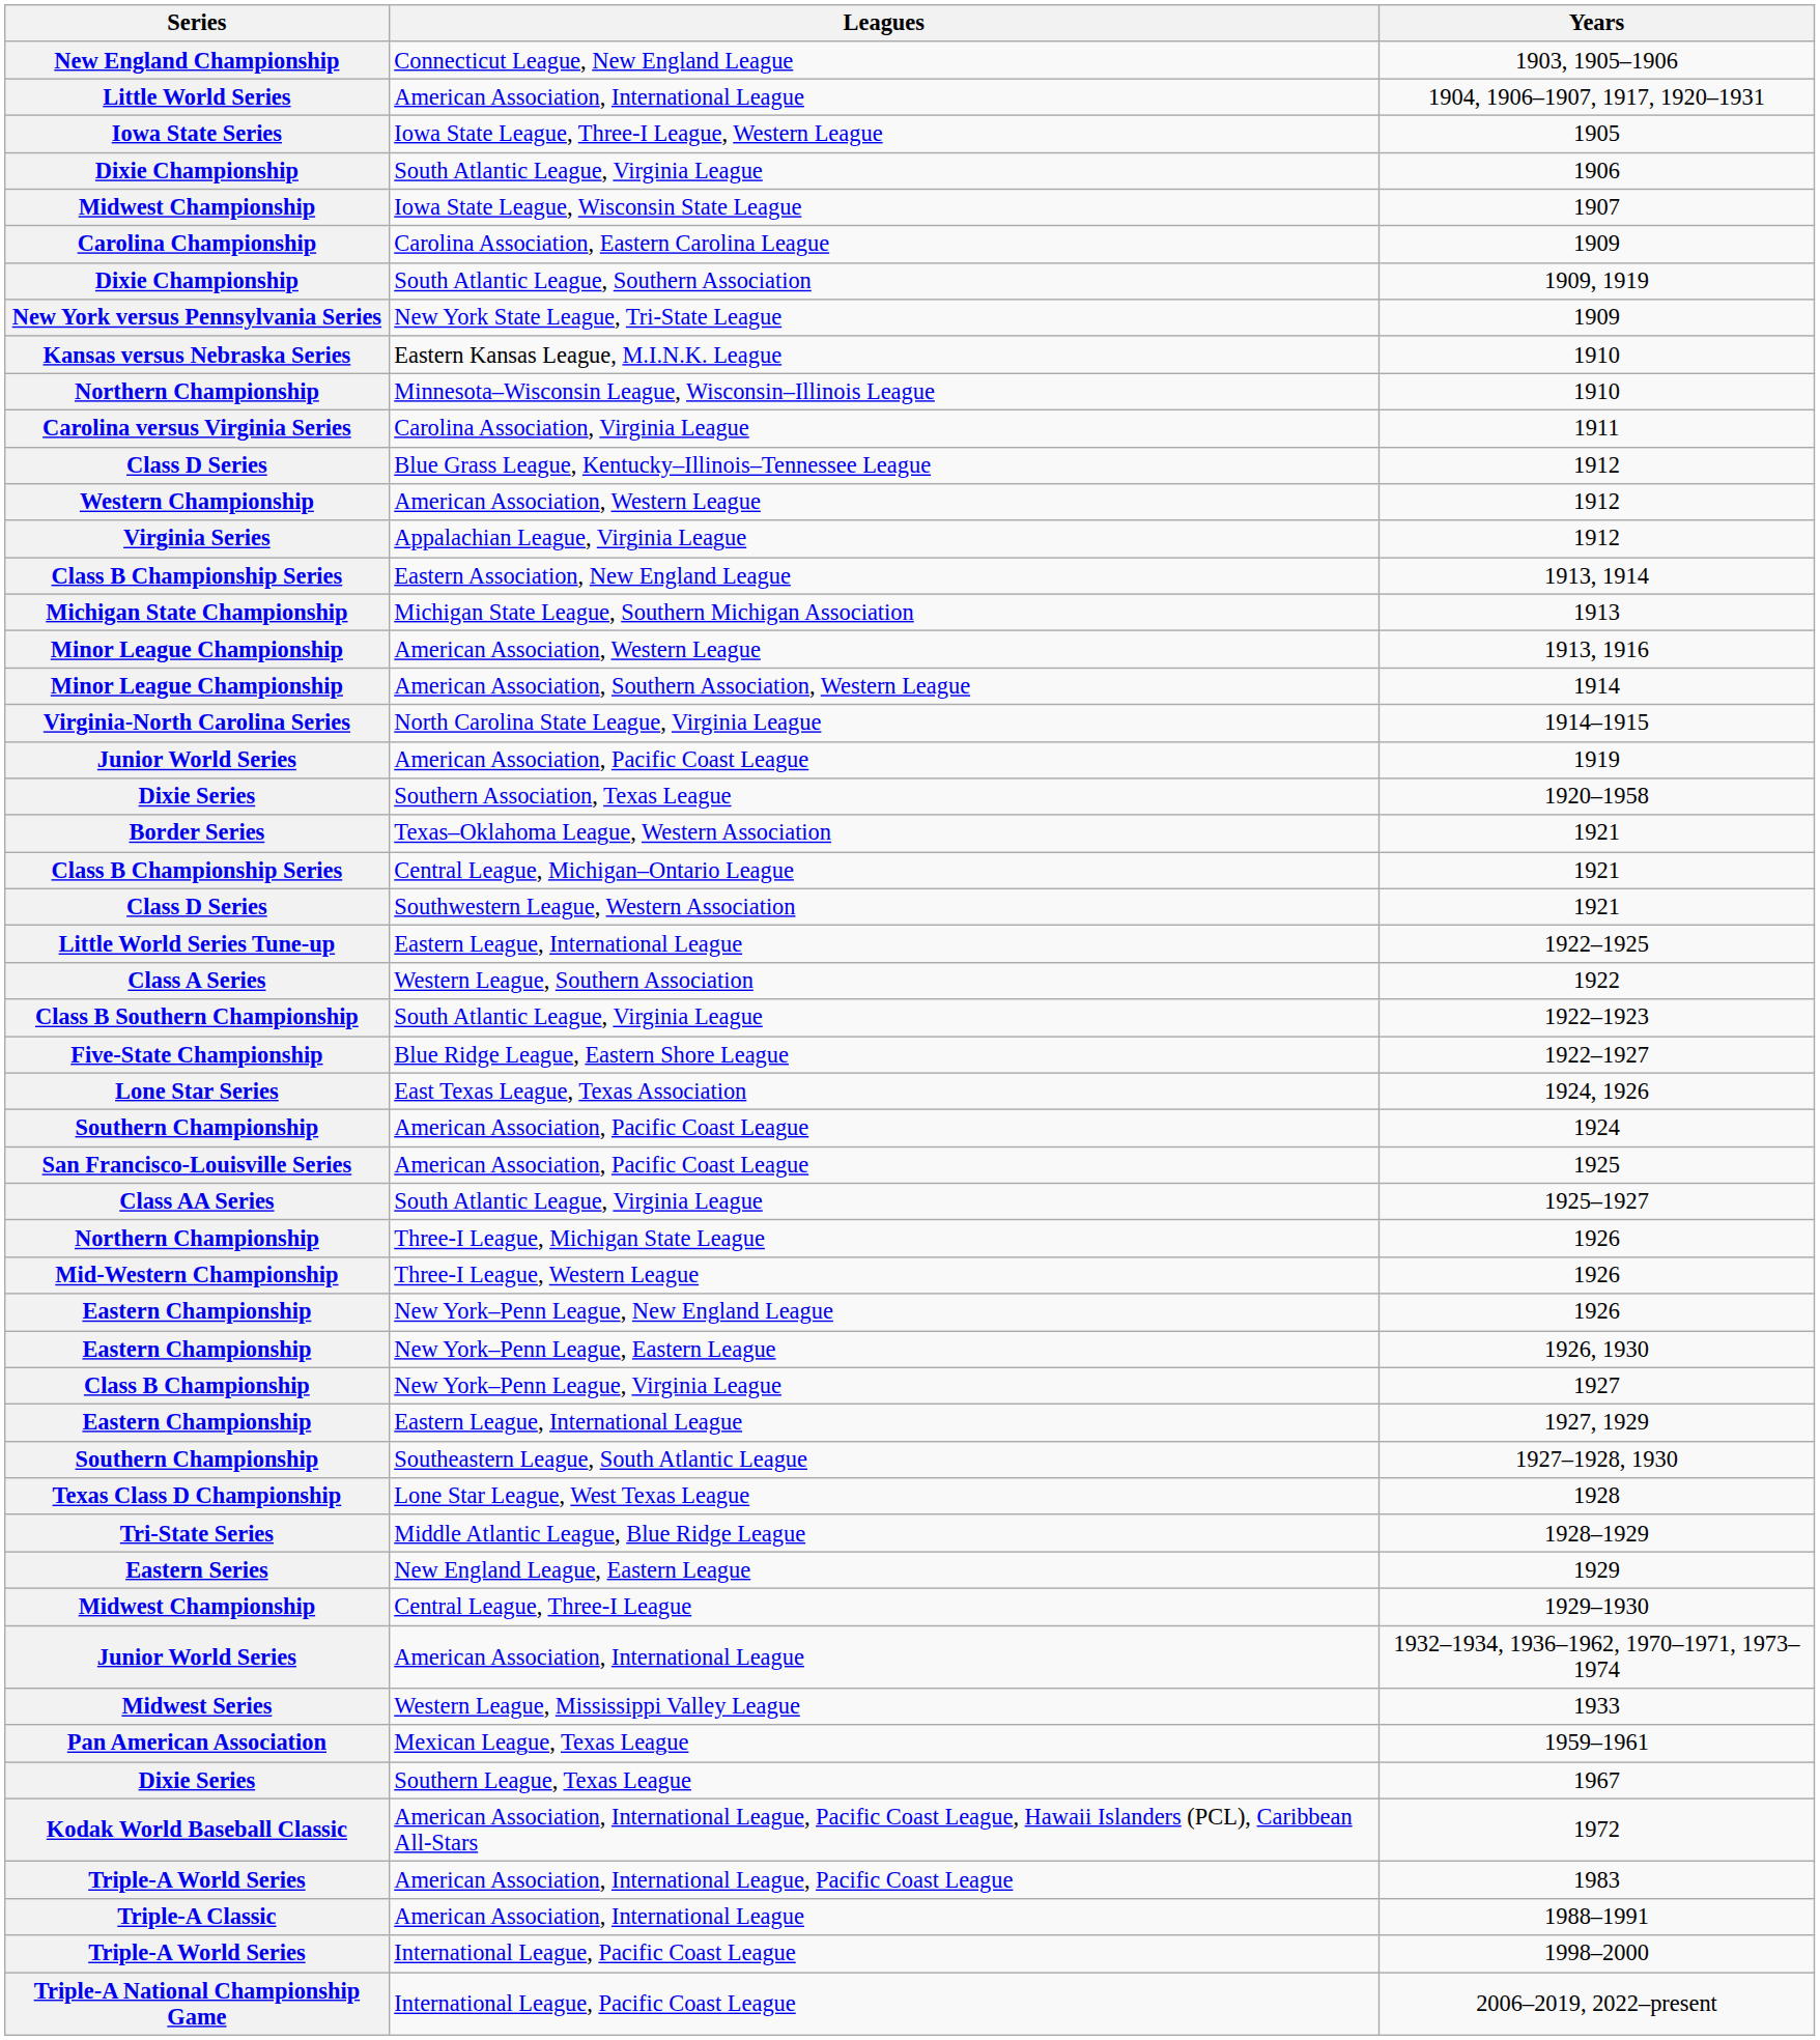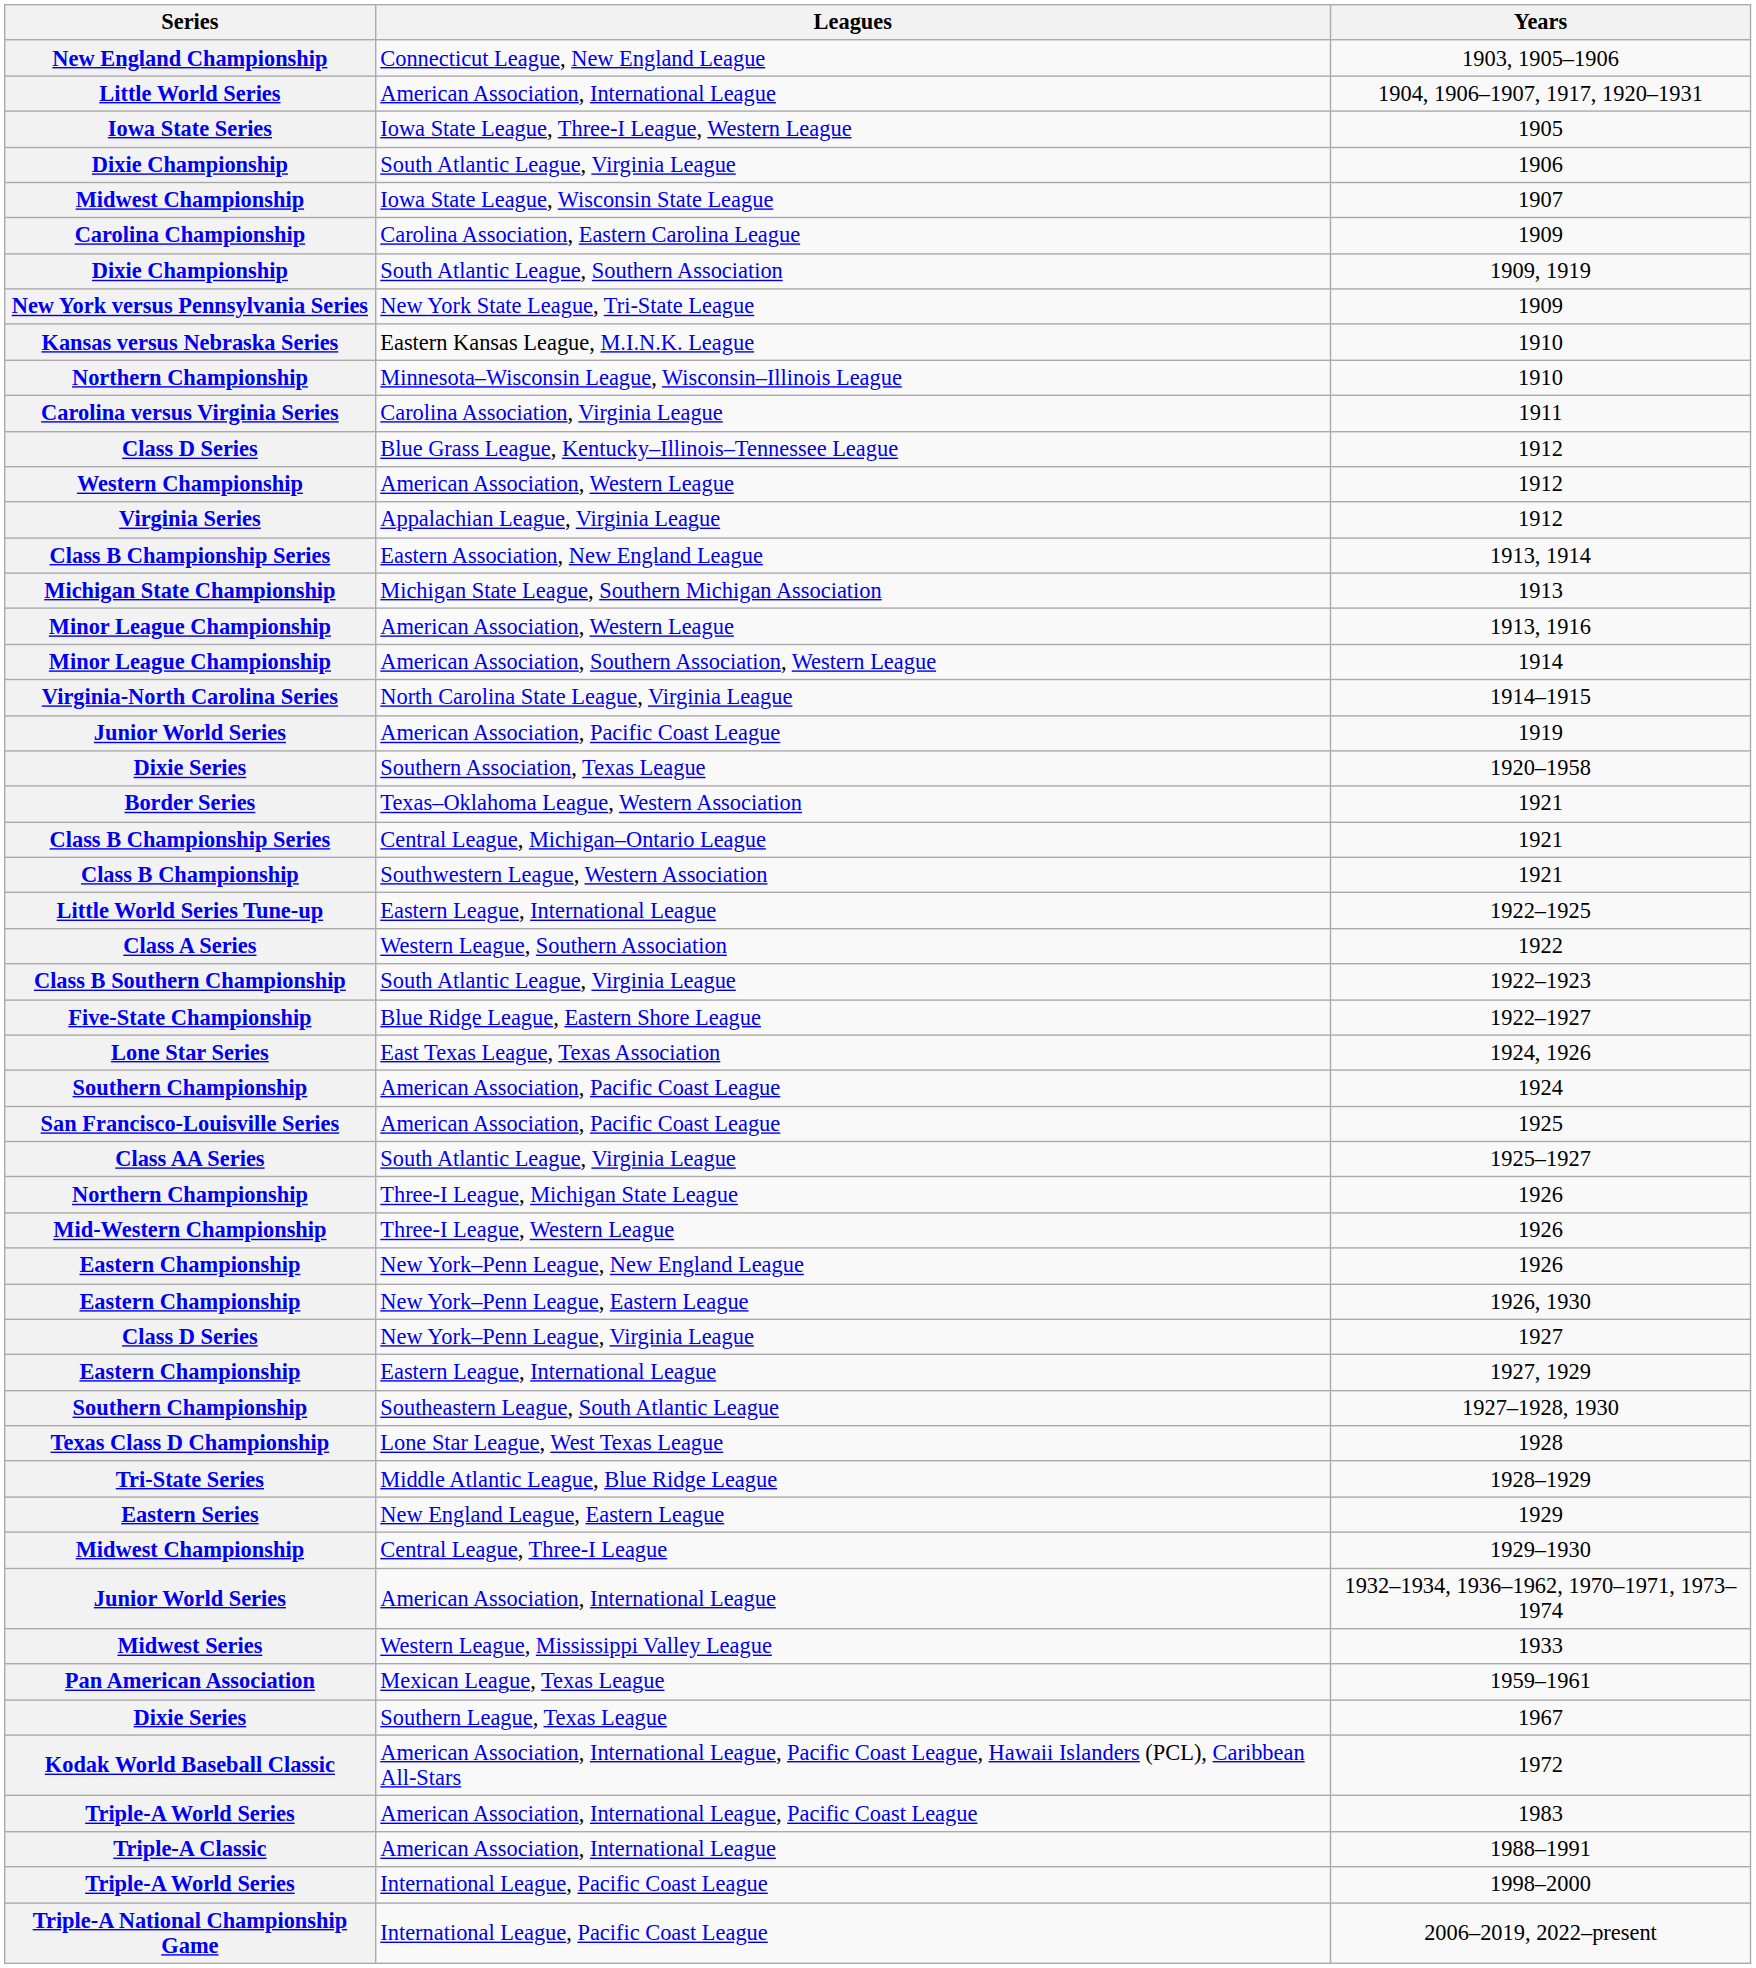 <table class="wikitable sortable plainrowheaders" style="text-align:left">
 <tr>
 <th scope="col">Series</th>
 <th scope="col">Leagues</th>
 <th scope="col">Years</th>
 </tr>
 <tr>
 <th scope="row"><a href='#'>New England Championship</a></th>
 <td><a href='#'>Connecticut League</a>, <a href='#'>New England League</a></td>
 <td style="text-align:center">1903, 1905–1906</td>
 </tr>
 <tr>
 <th scope="row"><a href='#'>Little World Series</a></th>
 <td><a href='#'>American Association</a>, <a href='#'>International League</a></td>
 <td style="text-align:center">1904, 1906–1907, 1917, 1920–1931</td>
 </tr>
 <tr>
 <th scope="row"><a href='#'>Iowa State Series</a></th>
 <td><a href='#'>Iowa State League</a>, <a href='#'>Three-I League</a>, <a href='#'>Western League</a></td>
 <td style="text-align:center">1905</td>
 </tr>
 <tr>
 <th scope="row"><a href='#'>Dixie Championship</a></th>
 <td><a href='#'>South Atlantic League</a>, <a href='#'>Virginia League</a></td>
 <td style="text-align:center">1906</td>
 </tr>
 <tr>
 <th scope="row"><a href='#'>Midwest Championship</a></th>
 <td><a href='#'>Iowa State League</a>, <a href='#'>Wisconsin State League</a></td>
 <td style="text-align:center">1907</td>
 </tr>
 <tr>
 <th scope="row"><a href='#'>Carolina Championship</a></th>
 <td><a href='#'>Carolina Association</a>, <a href='#'>Eastern Carolina League</a></td>
 <td style="text-align:center">1909</td>
 </tr>
 <tr>
 <th scope="row"><a href='#'>Dixie Championship</a></th>
 <td><a href='#'>South Atlantic League</a>, <a href='#'>Southern Association</a></td>
 <td style="text-align:center">1909, 1919</td>
 </tr>
 <tr>
 <th scope="row"><a href='#'>New York versus Pennsylvania Series</a></th>
 <td><a href='#'>New York State League</a>, <a href='#'>Tri-State League</a></td>
 <td style="text-align:center">1909</td>
 </tr>
 <tr>
 <th scope="row"><a href='#'>Kansas versus Nebraska Series</a></th>
 <td>Eastern Kansas League, <a href='#'>M.I.N.K. League</a></td>
 <td style="text-align:center">1910</td>
 </tr>
 <tr>
 <th scope="row"><a href='#'>Northern Championship</a></th>
 <td><a href='#'>Minnesota–Wisconsin League</a>, <a href='#'>Wisconsin–Illinois League</a></td>
 <td style="text-align:center">1910</td>
 </tr>
 <tr>
 <th scope="row"><a href='#'>Carolina versus Virginia Series</a></th>
 <td><a href='#'>Carolina Association</a>, <a href='#'>Virginia League</a></td>
 <td style="text-align:center">1911</td>
 </tr>
 <tr>
 <th scope="row"><a href='#'>Class D Series</a></th>
 <td><a href='#'>Blue Grass League</a>, <a href='#'>Kentucky–Illinois–Tennessee League</a></td>
 <td style="text-align:center">1912</td>
 </tr>
 <tr>
 <th scope="row"><a href='#'>Western Championship</a></th>
 <td><a href='#'>American Association</a>, <a href='#'>Western League</a></td>
 <td style="text-align:center">1912</td>
 </tr>
 <tr>
 <th scope="row"><a href='#'>Virginia Series</a></th>
 <td><a href='#'>Appalachian League</a>, <a href='#'>Virginia League</a></td>
 <td style="text-align:center">1912</td>
 </tr>
 <tr>
 <th scope="row"><a href='#'>Class B Championship Series</a></th>
 <td><a href='#'>Eastern Association</a>, <a href='#'>New England League</a></td>
 <td style="text-align:center">1913, 1914</td>
 </tr>
 <tr>
 <th scope="row"><a href='#'>Michigan State Championship</a></th>
 <td><a href='#'>Michigan State League</a>, <a href='#'>Southern Michigan Association</a></td>
 <td style="text-align:center">1913</td>
 </tr>
 <tr>
 <th scope="row"><a href='#'>Minor League Championship</a></th>
 <td><a href='#'>American Association</a>, <a href='#'>Western League</a></td>
 <td style="text-align:center">1913, 1916</td>
 </tr>
 <tr>
 <th scope="row"><a href='#'>Minor League Championship</a></th>
 <td><a href='#'>American Association</a>, <a href='#'>Southern Association</a>, <a href='#'>Western League</a></td>
 <td style="text-align:center">1914</td>
 </tr>
 <tr>
 <th scope="row"><a href='#'>Virginia-North Carolina Series</a></th>
 <td><a href='#'>North Carolina State League</a>, <a href='#'>Virginia League</a></td>
 <td style="text-align:center">1914–1915</td>
 </tr>
 <tr>
 <th scope="row"><a href='#'>Junior World Series</a></th>
 <td><a href='#'>American Association</a>, <a href='#'>Pacific Coast League</a></td>
 <td style="text-align:center">1919</td>
 </tr>
 <tr>
 <th scope="row"><a href='#'>Dixie Series</a></th>
 <td><a href='#'>Southern Association</a>, <a href='#'>Texas League</a></td>
 <td style="text-align:center">1920–1958</td>
 </tr>
 <tr>
 <th scope="row"><a href='#'>Border Series</a></th>
 <td><a href='#'>Texas–Oklahoma League</a>, <a href='#'>Western Association</a></td>
 <td style="text-align:center">1921</td>
 </tr>
 <tr>
 <th scope="row"><a href='#'>Class B Championship Series</a></th>
 <td><a href='#'>Central League</a>, <a href='#'>Michigan–Ontario League</a></td>
 <td style="text-align:center">1921</td>
 </tr>
 <tr>
-<th scope="row"><a href='#'>Class D Series</a></th>
+<th scope="row"><a href='#'>Class B Championship</a></th>
 <td><a href='#'>Southwestern League</a>, <a href='#'>Western Association</a></td>
 <td style="text-align:center">1921</td>
 </tr>
 <tr>
 <th scope="row"><a href='#'>Little World Series Tune-up</a></th>
 <td><a href='#'>Eastern League</a>, <a href='#'>International League</a></td>
 <td style="text-align:center">1922–1925</td>
 </tr>
 <tr>
 <th scope="row"><a href='#'>Class A Series</a></th>
 <td><a href='#'>Western League</a>, <a href='#'>Southern Association</a></td>
 <td style="text-align:center">1922</td>
 </tr>
 <tr>
 <th scope="row"><a href='#'>Class B Southern Championship</a></th>
 <td><a href='#'>South Atlantic League</a>, <a href='#'>Virginia League</a></td>
 <td style="text-align:center">1922–1923</td>
 </tr>
 <tr>
 <th scope="row"><a href='#'>Five-State Championship</a></th>
 <td><a href='#'>Blue Ridge League</a>, <a href='#'>Eastern Shore League</a></td>
 <td style="text-align:center">1922–1927</td>
 </tr>
 <tr>
 <th scope="row"><a href='#'>Lone Star Series</a></th>
 <td><a href='#'>East Texas League</a>, <a href='#'>Texas Association</a></td>
 <td style="text-align:center">1924, 1926</td>
 </tr>
 <tr>
 <th scope="row"><a href='#'>Southern Championship</a></th>
 <td><a href='#'>American Association</a>, <a href='#'>Pacific Coast League</a></td>
 <td style="text-align:center">1924</td>
 </tr>
 <tr>
 <th scope="row"><a href='#'>San Francisco-Louisville Series</a></th>
 <td><a href='#'>American Association</a>, <a href='#'>Pacific Coast League</a></td>
 <td style="text-align:center">1925</td>
 </tr>
 <tr>
 <th scope="row"><a href='#'>Class AA Series</a></th>
 <td><a href='#'>South Atlantic League</a>, <a href='#'>Virginia League</a></td>
 <td style="text-align:center">1925–1927</td>
 </tr>
 <tr>
 <th scope="row"><a href='#'>Northern Championship</a></th>
 <td><a href='#'>Three-I League</a>, <a href='#'>Michigan State League</a></td>
 <td style="text-align:center">1926</td>
 </tr>
 <tr>
 <th scope="row"><a href='#'>Mid-Western Championship</a></th>
 <td><a href='#'>Three-I League</a>, <a href='#'>Western League</a></td>
 <td style="text-align:center">1926</td>
 </tr>
 <tr>
 <th scope="row"><a href='#'>Eastern Championship</a></th>
 <td><a href='#'>New York–Penn League</a>, <a href='#'>New England League</a></td>
 <td style="text-align:center">1926</td>
 </tr>
 <tr>
 <th scope="row"><a href='#'>Eastern Championship</a></th>
 <td><a href='#'>New York–Penn League</a>, <a href='#'>Eastern League</a></td>
 <td style="text-align:center">1926, 1930</td>
 </tr>
 <tr>
-<th scope="row"><a href='#'>Class B Championship</a></th>
+<th scope="row"><a href='#'>Class D Series</a></th>
 <td><a href='#'>New York–Penn League</a>, <a href='#'>Virginia League</a></td>
 <td style="text-align:center">1927</td>
 </tr>
 <tr>
 <th scope="row"><a href='#'>Eastern Championship</a></th>
 <td><a href='#'>Eastern League</a>, <a href='#'>International League</a></td>
 <td style="text-align:center">1927, 1929</td>
 </tr>
 <tr>
 <th scope="row"><a href='#'>Southern Championship</a></th>
 <td><a href='#'>Southeastern League</a>, <a href='#'>South Atlantic League</a></td>
 <td style="text-align:center">1927–1928, 1930</td>
 </tr>
 <tr>
 <th scope="row"><a href='#'>Texas Class D Championship</a></th>
 <td><a href='#'>Lone Star League</a>, <a href='#'>West Texas League</a></td>
 <td style="text-align:center">1928</td>
 </tr>
 <tr>
 <th scope="row"><a href='#'>Tri-State Series</a></th>
 <td><a href='#'>Middle Atlantic League</a>, <a href='#'>Blue Ridge League</a></td>
 <td style="text-align:center">1928–1929</td>
 </tr>
 <tr>
 <th scope="row"><a href='#'>Eastern Series</a></th>
 <td><a href='#'>New England League</a>, <a href='#'>Eastern League</a></td>
 <td style="text-align:center">1929</td>
 </tr>
 <tr>
 <th scope="row"><a href='#'>Midwest Championship</a></th>
 <td><a href='#'>Central League</a>, <a href='#'>Three-I League</a></td>
 <td style="text-align:center">1929–1930</td>
 </tr>
 <tr>
 <th scope="row"><a href='#'>Junior World Series</a></th>
 <td><a href='#'>American Association</a>, <a href='#'>International League</a></td>
 <td style="text-align:center">1932–1934, 1936–1962, 1970–1971, 1973–1974</td>
 </tr>
 <tr>
 <th scope="row"><a href='#'>Midwest Series</a></th>
 <td><a href='#'>Western League</a>, <a href='#'>Mississippi Valley League</a></td>
 <td style="text-align:center">1933</td>
 </tr>
 <tr>
 <th scope="row"><a href='#'>Pan American Association</a></th>
 <td><a href='#'>Mexican League</a>, <a href='#'>Texas League</a></td>
 <td style="text-align:center">1959–1961</td>
 </tr>
 <tr>
 <th scope="row"><a href='#'>Dixie Series</a></th>
 <td><a href='#'>Southern League</a>, <a href='#'>Texas League</a></td>
 <td style="text-align:center">1967</td>
 </tr>
 <tr>
 <th scope="row"><a href='#'>Kodak World Baseball Classic</a></th>
 <td><a href='#'>American Association</a>, <a href='#'>International League</a>, <a href='#'>Pacific Coast League</a>, <a href='#'>Hawaii Islanders</a> (PCL), <a href='#'>Caribbean All-Stars</a></td>
 <td style="text-align:center">1972</td>
 </tr>
 <tr>
 <th scope="row"><a href='#'>Triple-A World Series</a></th>
 <td><a href='#'>American Association</a>, <a href='#'>International League</a>, <a href='#'>Pacific Coast League</a></td>
 <td style="text-align:center">1983</td>
 </tr>
 <tr>
 <th scope="row"><a href='#'>Triple-A Classic</a></th>
 <td><a href='#'>American Association</a>, <a href='#'>International League</a></td>
 <td style="text-align:center">1988–1991</td>
 </tr>
 <tr>
 <th scope="row"><a href='#'>Triple-A World Series</a></th>
 <td><a href='#'>International League</a>, <a href='#'>Pacific Coast League</a></td>
 <td style="text-align:center">1998–2000</td>
 </tr>
 <tr>
 <th scope="row"><a href='#'>Triple-A National Championship Game</a></th>
 <td><a href='#'>International League</a>, <a href='#'>Pacific Coast League</a></td>
 <td style="text-align:center">2006–2019, 2022–present</td>
 </tr>
 </table>
